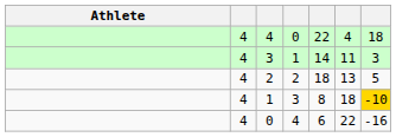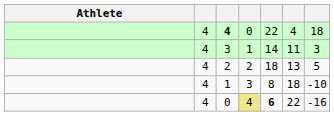 <table class="wikitable" style="text-align:center;">
 <tr>
 <th width=220>Athlete</th>
 <th width=20></th>
 <th width=20></th>
 <th width=20></th>
 <th width=20></th>
 <th width=20></th>
 <th width=20></th>
 </tr>
 <tr bgcolor=ccffcc>
 <td align="left"></td>
 <td>4</td>
-<td>4</td>
+<td><strong>4</strong></td>
 <td>0</td>
 <td>22</td>
 <td>4</td>
 <td>18</td>
 </tr>
 <tr bgcolor=ccffcc>
 <td align="left"></td>
 <td>4</td>
 <td>3</td>
 <td>1</td>
 <td>14</td>
 <td>11</td>
 <td>3</td>
 </tr>
 <tr>
 <td align="left"></td>
 <td>4</td>
 <td>2</td>
 <td>2</td>
 <td>18</td>
 <td>13</td>
 <td>5</td>
 </tr>
 <tr>
 <td align="left"></td>
 <td>4</td>
 <td>1</td>
 <td>3</td>
 <td>8</td>
 <td>18</td>
-<td style="background: gold;">-10</td>
+<td>-10</td>
 </tr>
 <tr>
 <td align="left"></td>
 <td>4</td>
 <td>0</td>
-<td>4</td>
-<td>6</td>
+<td style="background: khaki;">4</td>
+<td><strong>6</strong></td>
 <td>22</td>
 <td>-16</td>
 </tr>
 </table>
